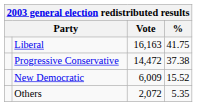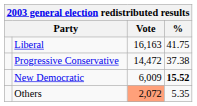 <table class="wikitable">
 <tr>
 <th colspan="4"><a href='#'>2003 general election</a> redistributed results</th>
 </tr>
 <tr>
 <th bgcolor="#DDDDFF" width="130px" colspan="2">Party</th>
 <th bgcolor="#DDDDFF" width="50px">Vote</th>
 <th bgcolor="#DDDDFF" width="30px">%</th>
 </tr>
 <tr>
 <td> </td>
 <td><a href='#'>Liberal</a></td>
 <td align=right>16,163</td>
 <td align=right>41.75</td>
 </tr>
 <tr>
 <td> </td>
 <td><a href='#'>Progressive Conservative</a></td>
 <td align=right>14,472</td>
 <td align=right>37.38</td>
 </tr>
 <tr>
 <td> </td>
 <td><a href='#'>New Democratic</a></td>
 <td align=right>6,009</td>
-<td align=right>15.52</td>
+<td align=right><strong>15.52</strong></td>
 </tr>
 <tr>
 <td> </td>
 <td>Others</td>
-<td align=right>2,072</td>
+<td align=right style="background: lightsalmon;">2,072</td>
 <td align=right>5.35</td>
 </tr>
 </table>
